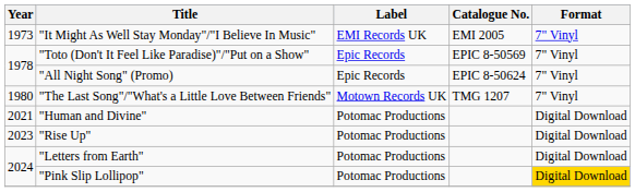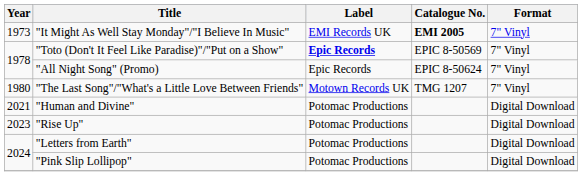 <table class="wikitable">
 <tr style="background:#b0c4de; text-align:center;">
 <th>Year</th>
 <th>Title</th>
 <th>Label</th>
 <th>Catalogue No.</th>
 <th>Format</th>
 </tr>
 <tr>
 <td>1973</td>
 <td>"It Might As Well Stay Monday"/"I Believe In Music"</td>
 <td><a href='#'>EMI Records</a> UK</td>
-<td>EMI 2005</td>
+<td><strong>EMI 2005</strong></td>
 <td><a href='#'>7" Vinyl</a></td>
 </tr>
 <tr>
 <td rowspan="2">1978</td>
 <td>"Toto (Don't It Feel Like Paradise)"/"Put on a Show"</td>
-<td><a href='#'>Epic Records</a></td>
+<td><strong><a href='#'>Epic Records</a></strong></td>
 <td>EPIC 8-50569</td>
 <td>7" Vinyl</td>
 </tr>
 <tr>
 <td>"All Night Song" (Promo)</td>
 <td>Epic Records</td>
 <td>EPIC 8-50624</td>
 <td>7" Vinyl</td>
 </tr>
 <tr>
 <td>1980</td>
 <td>"The Last Song"/"What's a Little Love Between Friends"</td>
 <td><a href='#'>Motown Records</a> UK</td>
 <td>TMG 1207</td>
 <td>7" Vinyl</td>
 </tr>
 <tr>
 <td>2021</td>
 <td>"Human and Divine"</td>
 <td>Potomac Productions</td>
 <td></td>
 <td>Digital Download</td>
 </tr>
 <tr>
 <td>2023</td>
 <td>"Rise Up"</td>
 <td>Potomac Productions</td>
 <td></td>
 <td>Digital Download</td>
 </tr>
 <tr>
 <td rowspan="2">2024</td>
 <td>"Letters from Earth"</td>
 <td>Potomac Productions</td>
 <td></td>
 <td>Digital Download</td>
 </tr>
 <tr>
 <td>"Pink Slip Lollipop"</td>
 <td>Potomac Productions</td>
 <td></td>
-<td style="background: gold;">Digital Download</td>
+<td>Digital Download</td>
 </tr>
 <tr>
 </tr>
 </table>
